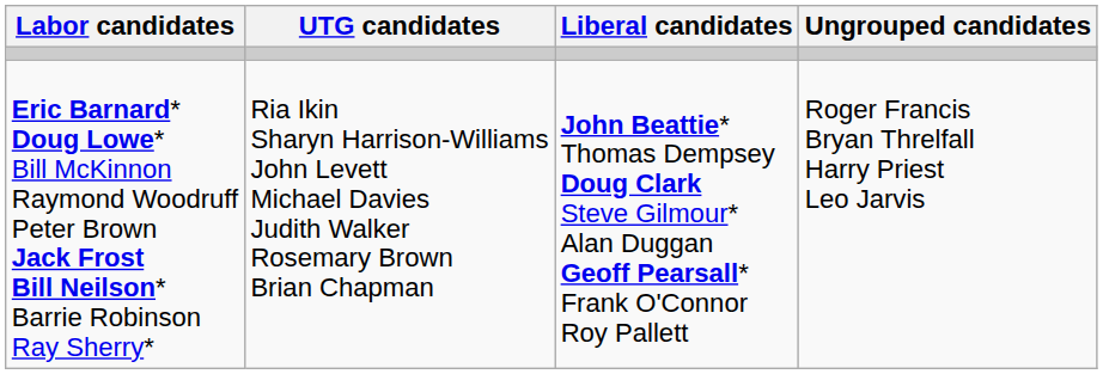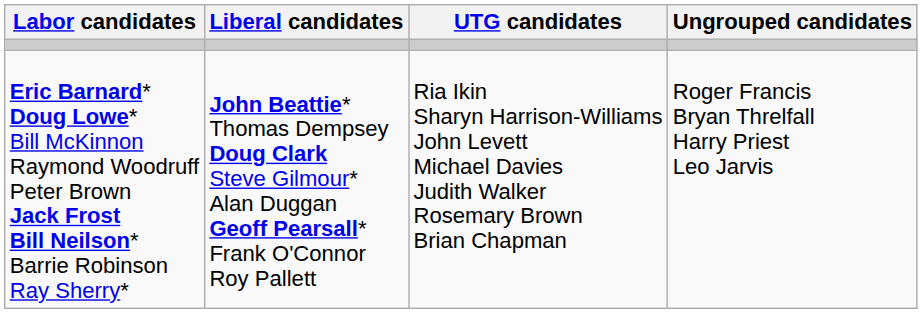 <table class="wikitable">
 <tr>
 <th><a href='#'>Labor</a> candidates</th>
+<th><a href='#'>Liberal</a> candidates</th>
 <th><a href='#'>UTG</a> candidates</th>
-<th><a href='#'>Liberal</a> candidates</th>
 <th>Ungrouped candidates</th>
 </tr>
 <tr bgcolor="#cccccc">
 <td></td>
 <td></td>
 <td></td>
 <td></td>
 </tr>
 <tr>
 <td><br><strong><a href='#'>Eric Barnard</a></strong>*<br> <strong><a href='#'>Doug Lowe</a></strong>*<br> <a href='#'>Bill McKinnon</a><br> Raymond Woodruff<br> Peter Brown<br> <strong><a href='#'>Jack Frost</a></strong><br> <strong><a href='#'>Bill Neilson</a></strong>*<br> Barrie Robinson<br> <a href='#'>Ray Sherry</a>*</td>
+<td><br><strong><a href='#'>John Beattie</a></strong>*<br> Thomas Dempsey<br> <strong><a href='#'>Doug Clark</a></strong><br> <a href='#'>Steve Gilmour</a>*<br> Alan Duggan<br> <strong><a href='#'>Geoff Pearsall</a></strong>*<br> Frank O'Connor<br> Roy Pallett</td>
 <td valign=top><br>Ria Ikin<br> Sharyn Harrison-Williams<br> John Levett<br> Michael Davies<br> Judith Walker<br> Rosemary Brown<br> Brian Chapman</td>
-<td><br><strong><a href='#'>John Beattie</a></strong>*<br> Thomas Dempsey<br> <strong><a href='#'>Doug Clark</a></strong><br> <a href='#'>Steve Gilmour</a>*<br> Alan Duggan<br> <strong><a href='#'>Geoff Pearsall</a></strong>*<br> Frank O'Connor<br> Roy Pallett</td>
 <td valign=top><br>Roger Francis<br> Bryan Threlfall<br> Harry Priest<br> Leo Jarvis</td>
 </tr>
 </table>
